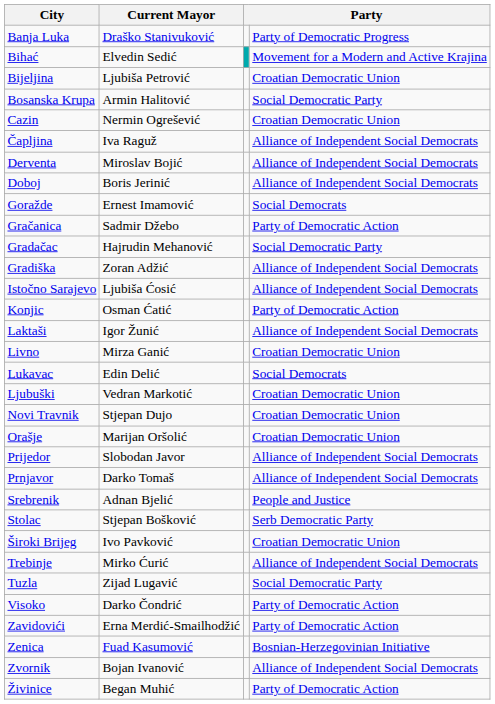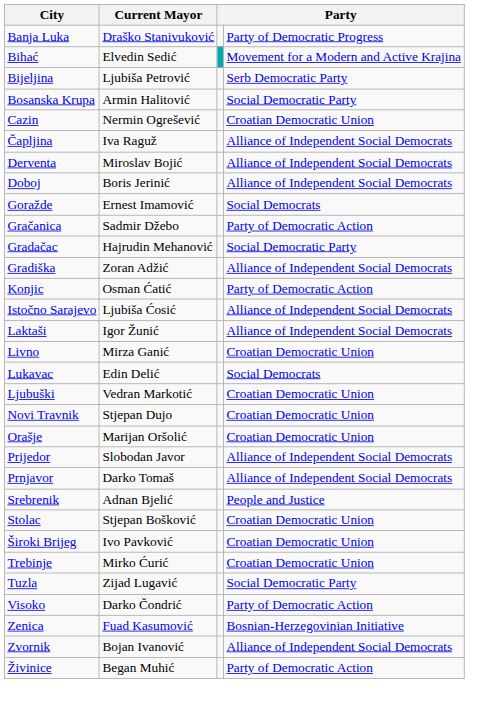 <table class="wikitable">
 <tr>
 <th>City</th>
 <th>Current Mayor</th>
 <th colspan="2">Party</th>
 </tr>
 <tr>
 <td><a href='#'>Banja Luka</a></td>
 <td><a href='#'>Draško Stanivuković</a></td>
 <td style="background-color:"></td>
 <td><a href='#'>Party of Democratic Progress</a></td>
 </tr>
 <tr>
 <td><a href='#'>Bihać</a></td>
 <td>Elvedin Sedić</td>
 <td style="background-color:#00AAAD"></td>
 <td><a href='#'>Movement for a Modern and Active Krajina</a></td>
 </tr>
 <tr>
 <td><a href='#'>Bijeljina</a></td>
 <td>Ljubiša Petrović</td>
 <td style="background-color:"></td>
-<td><a href='#'>Croatian Democratic Union</a></td>
+<td><a href='#'>Serb Democratic Party</a></td>
 </tr>
 <tr>
 <td><a href='#'>Bosanska Krupa</a></td>
 <td>Armin Halitović</td>
 <td style="background-color:"></td>
 <td><a href='#'>Social Democratic Party</a></td>
 </tr>
 <tr>
 <td><a href='#'>Cazin</a></td>
 <td>Nermin Ogrešević</td>
 <td style="background-color:"></td>
 <td><a href='#'>Croatian Democratic Union</a></td>
 </tr>
 <tr>
 <td><a href='#'>Čapljina</a></td>
 <td>Iva Raguž</td>
 <td style="background-color:"></td>
 <td><a href='#'>Alliance of Independent Social Democrats</a></td>
 </tr>
 <tr>
 <td><a href='#'>Derventa</a></td>
 <td>Miroslav Bojić</td>
 <td style="background-color:"></td>
 <td><a href='#'>Alliance of Independent Social Democrats</a></td>
 </tr>
 <tr>
 <td><a href='#'>Doboj</a></td>
 <td>Boris Jerinić</td>
 <td style="background-color:"></td>
 <td><a href='#'>Alliance of Independent Social Democrats</a></td>
 </tr>
 <tr>
 <td><a href='#'>Goražde</a></td>
 <td>Ernest Imamović</td>
 <td style="background-color:"></td>
 <td><a href='#'>Social Democrats</a></td>
 </tr>
 <tr>
 <td><a href='#'>Gračanica</a></td>
 <td>Sadmir Džebo</td>
 <td style="background-color:"></td>
 <td><a href='#'>Party of Democratic Action</a></td>
 </tr>
 <tr>
 <td><a href='#'>Gradačac</a></td>
 <td>Hajrudin Mehanović</td>
 <td style="background-color:"></td>
 <td><a href='#'>Social Democratic Party</a></td>
 </tr>
 <tr>
 <td><a href='#'>Gradiška</a></td>
 <td>Zoran Adžić</td>
 <td style="background-color:"></td>
 <td><a href='#'>Alliance of Independent Social Democrats</a></td>
 </tr>
 <tr>
+<td><a href='#'>Konjic</a></td>
+<td>Osman Ćatić</td>
+<td style="background-color:"></td>
+<td><a href='#'>Party of Democratic Action</a></td>
+</tr>
+<tr>
 <td><a href='#'>Istočno Sarajevo</a></td>
 <td>Ljubiša Ćosić</td>
 <td style="background-color:"></td>
 <td><a href='#'>Alliance of Independent Social Democrats</a></td>
-</tr>
-<tr>
-<td><a href='#'>Konjic</a></td>
-<td>Osman Ćatić</td>
-<td style="background-color:"></td>
-<td><a href='#'>Party of Democratic Action</a></td>
 </tr>
 <tr>
 <td><a href='#'>Laktaši</a></td>
 <td>Igor Žunić</td>
 <td style="background-color:"></td>
 <td><a href='#'>Alliance of Independent Social Democrats</a></td>
 </tr>
 <tr>
 <td><a href='#'>Livno</a></td>
 <td>Mirza Ganić</td>
 <td style="background-color:"></td>
 <td><a href='#'>Croatian Democratic Union</a></td>
 </tr>
 <tr>
 <td><a href='#'>Lukavac</a></td>
 <td>Edin Delić</td>
 <td style="background-color:"></td>
 <td><a href='#'>Social Democrats</a></td>
 </tr>
 <tr>
 <td><a href='#'>Ljubuški</a></td>
 <td>Vedran Markotić</td>
 <td style="background-color:"></td>
 <td><a href='#'>Croatian Democratic Union</a></td>
 </tr>
 <tr>
 <td><a href='#'>Novi Travnik</a></td>
 <td>Stjepan Dujo</td>
 <td style="background-color:"></td>
 <td><a href='#'>Croatian Democratic Union</a></td>
 </tr>
 <tr>
 <td><a href='#'>Orašje</a></td>
 <td>Marijan Oršolić</td>
 <td style="background-color:"></td>
 <td><a href='#'>Croatian Democratic Union</a></td>
 </tr>
 <tr>
 <td><a href='#'>Prijedor</a></td>
 <td>Slobodan Javor</td>
 <td style="background-color:"></td>
 <td><a href='#'>Alliance of Independent Social Democrats</a></td>
 </tr>
 <tr>
 <td><a href='#'>Prnjavor</a></td>
 <td>Darko Tomaš</td>
 <td style="background-color:"></td>
 <td><a href='#'>Alliance of Independent Social Democrats</a></td>
 </tr>
 <tr>
 <td><a href='#'>Srebrenik</a></td>
 <td>Adnan Bjelić</td>
 <td style="background-color:"></td>
 <td><a href='#'>People and Justice</a></td>
 </tr>
 <tr>
 <td><a href='#'>Stolac</a></td>
 <td>Stjepan Bošković</td>
 <td style="background-color:"></td>
-<td><a href='#'>Serb Democratic Party</a></td>
+<td><a href='#'>Croatian Democratic Union</a></td>
 </tr>
 <tr>
 <td><a href='#'>Široki Brijeg</a></td>
 <td>Ivo Pavković</td>
 <td style="background-color:"></td>
 <td><a href='#'>Croatian Democratic Union</a></td>
 </tr>
 <tr>
 <td><a href='#'>Trebinje</a></td>
 <td>Mirko Ćurić</td>
 <td style="background-color:"></td>
-<td><a href='#'>Alliance of Independent Social Democrats</a></td>
+<td><a href='#'>Croatian Democratic Union</a></td>
 </tr>
 <tr>
 <td><a href='#'>Tuzla</a></td>
 <td>Zijad Lugavić</td>
 <td style="background-color:"></td>
 <td><a href='#'>Social Democratic Party</a></td>
 </tr>
 <tr>
 <td><a href='#'>Visoko</a></td>
 <td>Darko Čondrić</td>
-<td style="background-color:"></td>
-<td><a href='#'>Party of Democratic Action</a></td>
-</tr>
-<tr>
-<td><a href='#'>Zavidovići</a></td>
-<td>Erna Merdić-Smailhodžić</td>
 <td style="background-color:"></td>
 <td><a href='#'>Party of Democratic Action</a></td>
 </tr>
 <tr>
 <td><a href='#'>Zenica</a></td>
 <td><a href='#'>Fuad Kasumović</a></td>
 <td style="background-color:"></td>
 <td><a href='#'>Bosnian-Herzegovinian Initiative</a></td>
 </tr>
 <tr>
 <td><a href='#'>Zvornik</a></td>
 <td>Bojan Ivanović</td>
 <td style="background-color:"></td>
 <td><a href='#'>Alliance of Independent Social Democrats</a></td>
 </tr>
 <tr>
 <td><a href='#'>Živinice</a></td>
 <td>Began Muhić</td>
 <td style="background-color:"></td>
 <td><a href='#'>Party of Democratic Action</a></td>
 </tr>
 </table>
